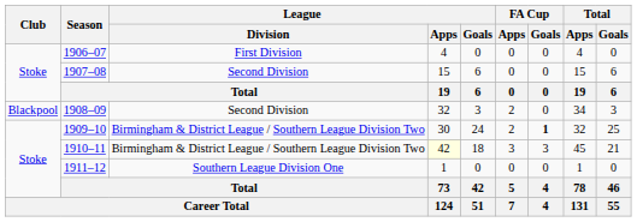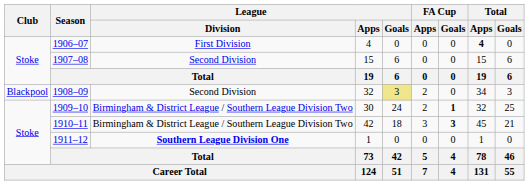 <table class="wikitable" style="text-align: center;">
 <tr>
 <th rowspan="2">Club</th>
 <th rowspan="2">Season</th>
 <th colspan="3">League</th>
 <th colspan="2">FA Cup</th>
 <th colspan="2">Total</th>
 </tr>
 <tr>
 <th>Division</th>
 <th>Apps</th>
 <th>Goals</th>
 <th>Apps</th>
 <th>Goals</th>
 <th>Apps</th>
 <th>Goals</th>
 </tr>
 <tr>
 <td rowspan="3"><a href='#'>Stoke</a></td>
 <td><a href='#'>1906–07</a></td>
 <td><a href='#'>First Division</a></td>
 <td>4</td>
 <td>0</td>
 <td>0</td>
 <td>0</td>
-<td>4</td>
+<td><strong>4</strong></td>
 <td>0</td>
 </tr>
 <tr>
 <td><a href='#'>1907–08</a></td>
 <td><a href='#'>Second Division</a></td>
 <td>15</td>
 <td>6</td>
 <td>0</td>
 <td>0</td>
 <td>15</td>
 <td>6</td>
 </tr>
 <tr>
 <th colspan="2">Total</th>
 <th>19</th>
 <th>6</th>
 <th>0</th>
 <th>0</th>
 <th>19</th>
 <th>6</th>
 </tr>
 <tr>
 <td><a href='#'>Blackpool</a></td>
 <td><a href='#'>1908–09</a></td>
 <td>Second Division</td>
 <td>32</td>
-<td>3</td>
+<td style="background: khaki;">3</td>
 <td>2</td>
 <td>0</td>
 <td>34</td>
 <td>3</td>
 </tr>
 <tr>
 <td rowspan="4"><a href='#'>Stoke</a></td>
 <td><a href='#'>1909–10</a></td>
 <td><a href='#'>Birmingham & District League</a> / <a href='#'>Southern League Division Two</a></td>
 <td>30</td>
 <td>24</td>
 <td>2</td>
 <td><strong>1</strong></td>
 <td>32</td>
 <td>25</td>
 </tr>
 <tr>
 <td><a href='#'>1910–11</a></td>
 <td>Birmingham & District League / Southern League Division Two</td>
-<td style="background: lightyellow;">42</td>
+<td>42</td>
 <td>18</td>
 <td>3</td>
-<td>3</td>
+<td><strong>3</strong></td>
 <td>45</td>
 <td>21</td>
 </tr>
 <tr>
 <td><a href='#'>1911–12</a></td>
-<td><a href='#'>Southern League Division One</a></td>
+<td><strong><a href='#'>Southern League Division One</a></strong></td>
 <td>1</td>
 <td>0</td>
 <td>0</td>
 <td>0</td>
 <td>1</td>
 <td>0</td>
 </tr>
 <tr>
 <th colspan="2">Total</th>
 <th>73</th>
 <th>42</th>
 <th>5</th>
 <th>4</th>
 <th>78</th>
 <th>46</th>
 </tr>
 <tr>
 <th colspan="3">Career Total</th>
 <th>124</th>
 <th>51</th>
 <th>7</th>
 <th>4</th>
 <th>131</th>
 <th>55</th>
 </tr>
 </table>
